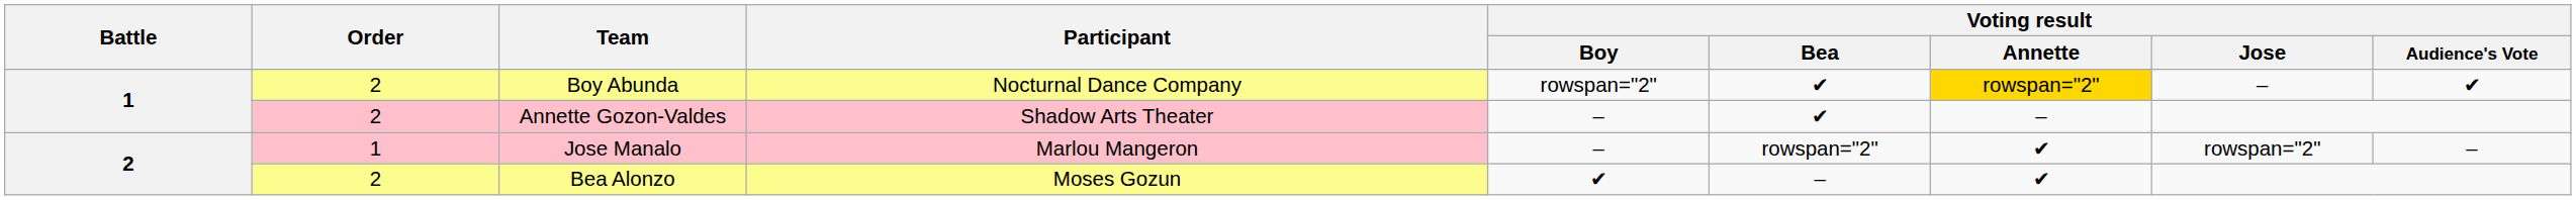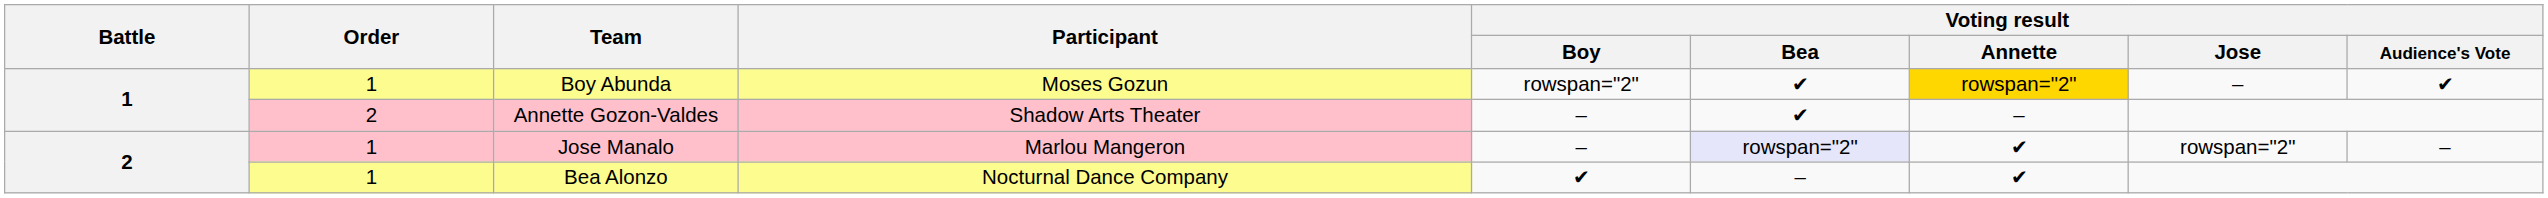 <table class="wikitable" style="text-align:center; line-height:17px; width:100%;">
 <tr>
 <th scope="col" rowspan="2" width="05%">Battle</th>
 <th scope="col" rowspan="2" width="05%">Order</th>
 <th scope="col" rowspan="2" width="05%">Team</th>
 <th scope="col" rowspan="2" width="15%">Participant</th>
 <th scope="col" colspan="5" width="20%">Voting result</th>
 </tr>
 <tr>
 <th width="4%">Boy</th>
 <th width="4%">Bea</th>
 <th width="4%">Annette</th>
 <th width="4%">Jose</th>
 <th width="4%"><small>Audience's Vote</small></th>
 </tr>
 <tr>
 <th rowspan="2">1</th>
-<td style="background:#fdfc8f;">2</td>
+<td style="background:#fdfc8f;">1</td>
 <td style="background:#fdfc8f;">Boy Abunda</td>
-<td style="background:#fdfc8f;">Nocturnal Dance Company</td>
+<td style="background:#fdfc8f;">Moses Gozun</td>
 <td>rowspan="2" </td>
 <td>✔</td>
 <td style="background: gold;">rowspan="2" </td>
 <td>–</td>
 <td>✔</td>
 </tr>
 <tr>
 <td style="background:pink;">2</td>
 <td style="background:pink;">Annette Gozon-Valdes</td>
 <td style="background:pink;">Shadow Arts Theater</td>
 <td>–</td>
 <td>✔</td>
 <td>–</td>
 </tr>
 <tr>
 <th rowspan="2">2</th>
 <td style="background:pink;">1</td>
 <td style="background:pink;">Jose Manalo</td>
 <td style="background:pink;">Marlou Mangeron</td>
 <td>–</td>
-<td>rowspan="2" </td>
+<td style="background: lavender;">rowspan="2" </td>
 <td>✔</td>
 <td>rowspan="2" </td>
 <td>–</td>
 </tr>
 <tr>
-<td style="background:#fdfc8f;">2</td>
+<td style="background:#fdfc8f;">1</td>
 <td style="background:#fdfc8f;">Bea Alonzo</td>
-<td style="background:#fdfc8f;">Moses Gozun</td>
+<td style="background:#fdfc8f;">Nocturnal Dance Company</td>
 <td>✔</td>
 <td>–</td>
 <td>✔</td>
 </tr>
 </table>
